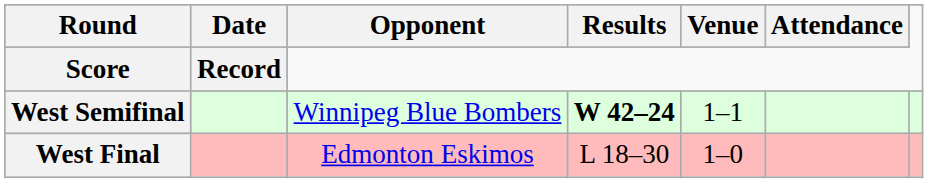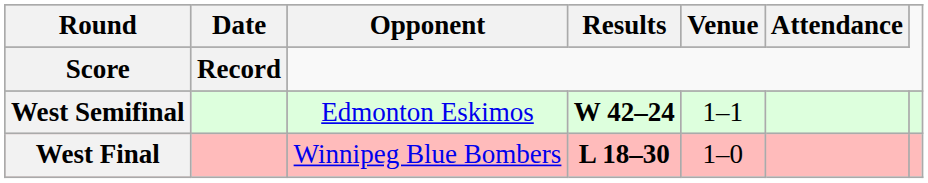 <table class="wikitable" style="text-align:center">
 <tr>
 <th>Round</th>
 <th>Date</th>
 <th>Opponent</th>
 <th>Results</th>
 <th>Venue</th>
 <th>Attendance</th>
 </tr>
 <tr>
 <th>Score</th>
 <th>Record</th>
 </tr>
 <tr style="background:#ddffdd">
 <th>West Semifinal</th>
 <td></td>
-<td><a href='#'>Winnipeg Blue Bombers</a></td>
+<td><a href='#'>Edmonton Eskimos</a></td>
 <td><strong>W 42–24</strong></td>
 <td>1–1</td>
 <td></td>
 <td></td>
 </tr>
 <tr style="background:#ffbbbb">
 <th>West Final</th>
 <td></td>
-<td><a href='#'>Edmonton Eskimos</a></td>
-<td>L 18–30</td>
+<td><a href='#'>Winnipeg Blue Bombers</a></td>
+<td><strong>L 18–30</strong></td>
 <td>1–0</td>
 <td></td>
 <td></td>
 </tr>
 </table>
